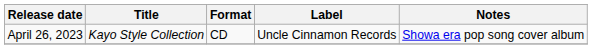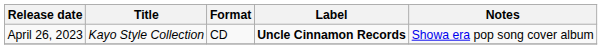 <table class="wikitable" style="font-size:small">
 <tr>
 <th>Release date</th>
 <th>Title</th>
 <th>Format</th>
 <th>Label</th>
 <th>Notes</th>
 </tr>
 <tr>
 <td>April 26, 2023</td>
 <td><em>Kayo Style Collection</em></td>
 <td>CD</td>
-<td>Uncle Cinnamon Records</td>
+<td><strong>Uncle Cinnamon Records</strong></td>
 <td><a href='#'>Showa era</a> pop song cover album</td>
 </tr>
 <tr>
 </tr>
 </table>
